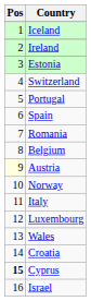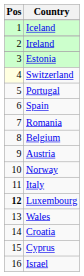 <table class="wikitable" style="text-align: right;">
 <tr>
 <th>Pos</th>
 <th>Country</th>
 </tr>
 <tr>
 </tr>
 <tr style="background:#ccffcc;">
 <td>1</td>
 <td align="left"> <a href='#'>Iceland</a></td>
 </tr>
 <tr>
 </tr>
 <tr style="background:#ccffcc;">
 <td>2</td>
 <td align="left"> <a href='#'>Ireland</a></td>
 </tr>
 <tr>
 </tr>
 <tr style="background:#ccffcc;">
 <td>3</td>
 <td align="left"> <a href='#'>Estonia</a></td>
 </tr>
 <tr>
-<td>4</td>
+<td style="background: lightyellow;">4</td>
 <td align="left"> <a href='#'>Switzerland</a></td>
 </tr>
 <tr>
 <td>5</td>
 <td align="left"> <a href='#'>Portugal</a></td>
 </tr>
 <tr>
 <td>6</td>
 <td align="left"> <a href='#'>Spain</a></td>
 </tr>
 <tr>
 <td>7</td>
 <td align="left"> <a href='#'>Romania</a></td>
 </tr>
 <tr>
 <td>8</td>
 <td align="left"> <a href='#'>Belgium</a></td>
 </tr>
 <tr>
-<td style="background: lightyellow;">9</td>
+<td>9</td>
 <td align="left"> <a href='#'>Austria</a></td>
 </tr>
 <tr>
 <td>10</td>
 <td align="left"> <a href='#'>Norway</a></td>
 </tr>
 <tr>
 <td>11</td>
 <td align="left"> <a href='#'>Italy</a></td>
 </tr>
 <tr>
-<td>12</td>
+<td><strong>12</strong></td>
 <td align="left"> <a href='#'>Luxembourg</a></td>
 </tr>
 <tr>
 <td>13</td>
 <td align="left"> <a href='#'>Wales</a></td>
 </tr>
 <tr>
 <td>14</td>
 <td align="left"> <a href='#'>Croatia</a></td>
 </tr>
 <tr>
-<td><strong>15</strong></td>
+<td>15</td>
 <td align="left"> <a href='#'>Cyprus</a></td>
 </tr>
 <tr>
 <td>16</td>
 <td align="left"> <a href='#'>Israel</a></td>
 </tr>
 </table>
